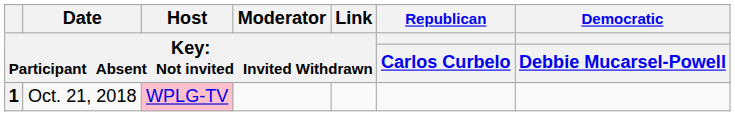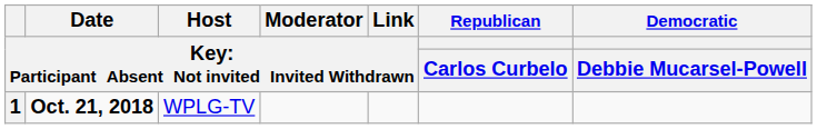 <table class="wikitable" style="text-align:center;">
 <tr>
 <th scope="col"></th>
 <th scope="col">Date</th>
 <th scope="col">Host</th>
 <th scope="col">Moderator</th>
 <th scope="col">Link</th>
 <th scope="col"><small><a href='#'>Republican</a></small></th>
 <th scope="col"><small><a href='#'>Democratic</a></small></th>
 </tr>
 <tr>
 <th colspan="5" rowspan="2">Key:<br> <small>Participant </small>  <small>Absent </small>  <small>Not invited </small>  <small>Invited  Withdrawn</small></th>
 <th scope="col" style="background:"></th>
 <th scope="col" style="background:"></th>
 </tr>
 <tr>
 <th scope="col"><a href='#'>Carlos Curbelo</a></th>
 <th scope="col"><a href='#'>Debbie Mucarsel-Powell</a></th>
 </tr>
 <tr>
 <th>1</th>
-<td style="white-space:nowrap;">Oct. 21, 2018</td>
-<td style="background: pink; white-space:nowrap;"><a href='#'>WPLG-TV</a></td>
+<td style="white-space:nowrap;"><strong>Oct. 21, 2018</strong></td>
+<td style="white-space:nowrap;"><a href='#'>WPLG-TV</a></td>
 <td style="white-space:nowrap;"></td>
 <td style="white-space:nowrap;"></td>
 <td></td>
 <td></td>
 </tr>
 </table>
